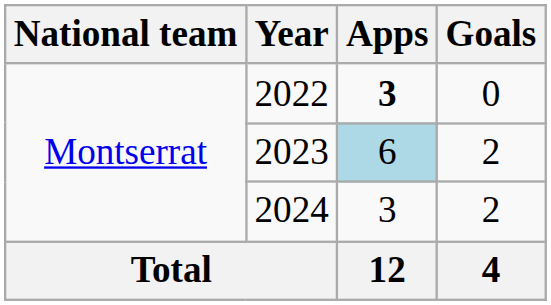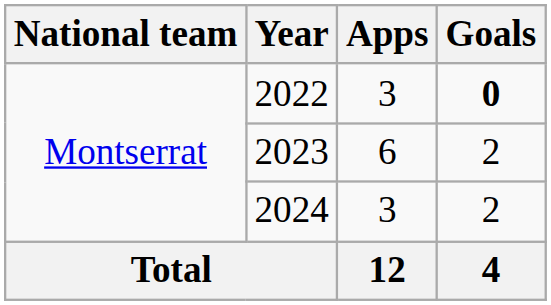 <table class="wikitable" style="text-align: center;">
 <tr>
 <th>National team</th>
 <th>Year</th>
 <th>Apps</th>
 <th>Goals</th>
 </tr>
 <tr>
 <td rowspan="3"><a href='#'>Montserrat</a></td>
 <td>2022</td>
-<td><strong>3</strong></td>
-<td>0</td>
+<td>3</td>
+<td><strong>0</strong></td>
 </tr>
 <tr>
 <td>2023</td>
-<td style="background: lightblue;">6</td>
+<td>6</td>
 <td>2</td>
 </tr>
 <tr>
 <td>2024</td>
 <td>3</td>
 <td>2</td>
 </tr>
 <tr>
 <th colspan=2>Total</th>
 <th>12</th>
 <th>4</th>
 </tr>
 </table>
